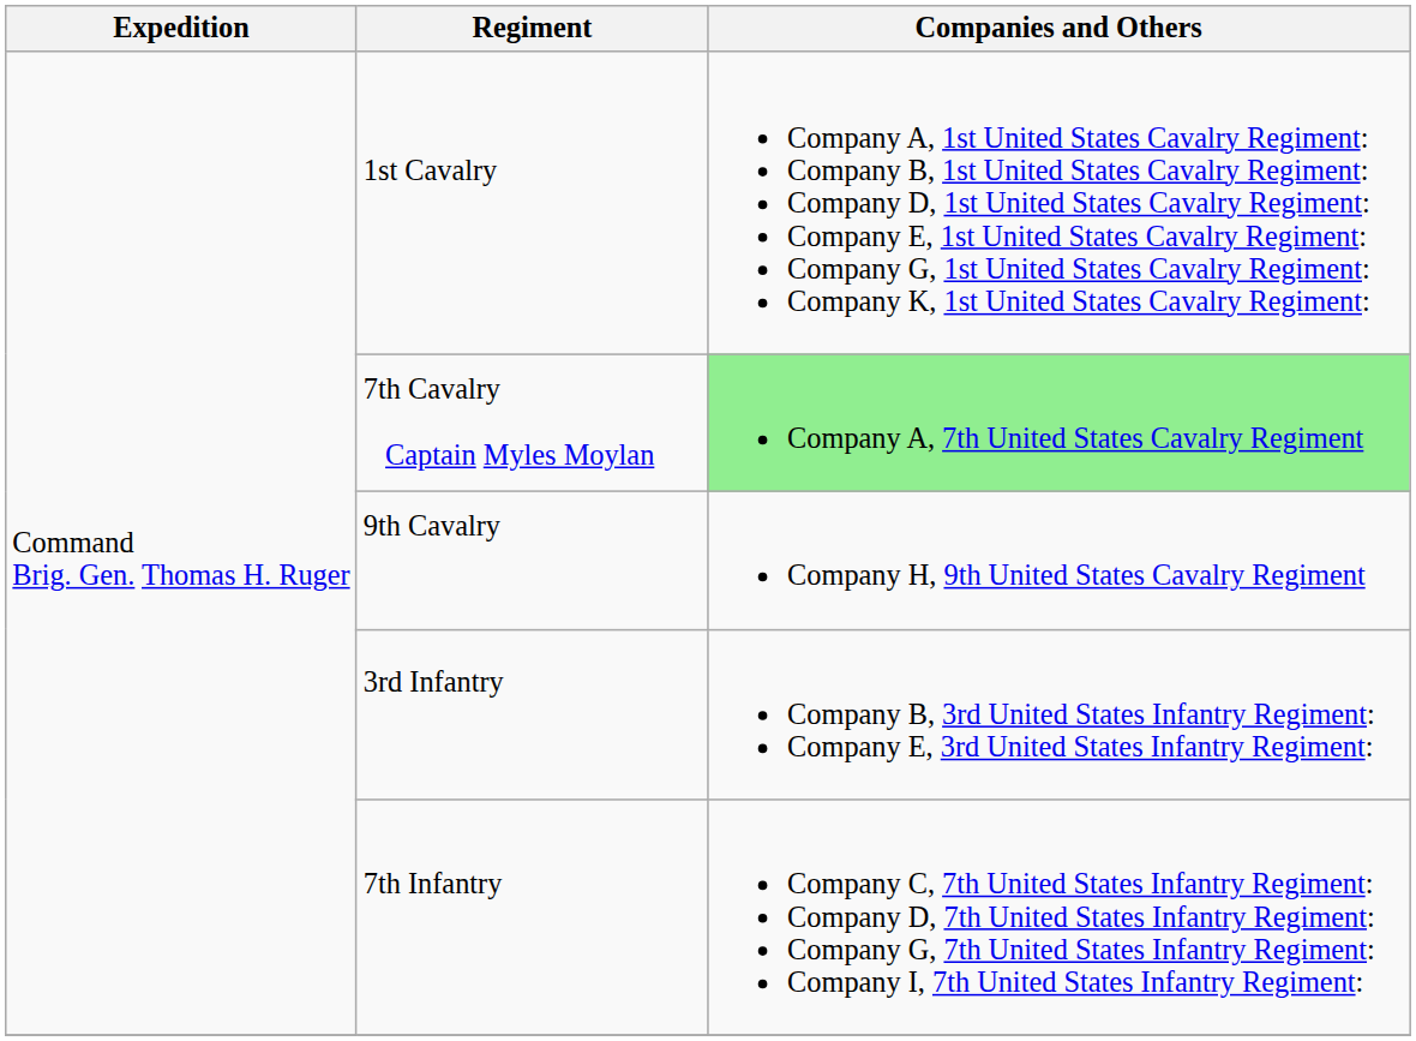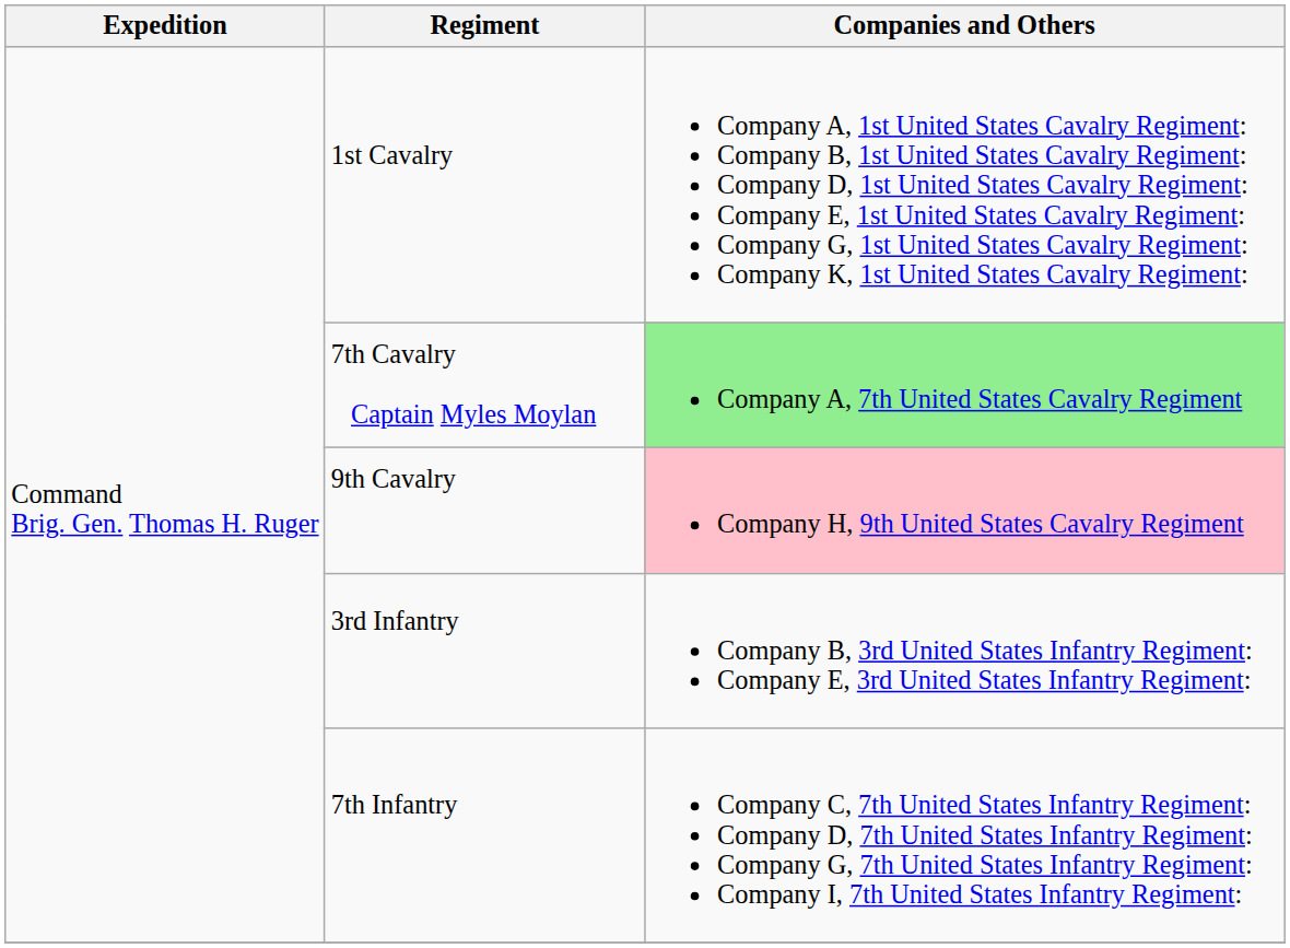 <table class="wikitable">
 <tr>
 <th width=25%>Expedition</th>
 <th width=25%>Regiment</th>
 <th>Companies and Others</th>
 </tr>
 <tr>
 <td rowspan=5><br>Command<br> <a href='#'>Brig. Gen.</a> <a href='#'>Thomas H. Ruger</a></td>
 <td>1st Cavalry<br><br>  </td>
 <td><br><ul><li>Company A, <a href='#'>1st United States Cavalry Regiment</a>:</li><li>Company B, <a href='#'>1st United States Cavalry Regiment</a>:</li><li>Company D, <a href='#'>1st United States Cavalry Regiment</a>:</li><li>Company E, <a href='#'>1st United States Cavalry Regiment</a>:</li><li>Company G, <a href='#'>1st United States Cavalry Regiment</a>:</li><li>Company K, <a href='#'>1st United States Cavalry Regiment</a>:</li></ul></td>
 </tr>
 <tr>
 <td>7th Cavalry<br><br>   <a href='#'>Captain</a> <a href='#'>Myles Moylan</a></td>
 <td style="background: lightgreen;"><br><ul><li>Company A, <a href='#'>7th United States Cavalry Regiment</a></li></ul></td>
 </tr>
 <tr>
 <td>9th Cavalry<br><br>  </td>
-<td><br><ul><li>Company H, <a href='#'>9th United States Cavalry Regiment</a></li></ul></td>
+<td style="background: pink;"><br><ul><li>Company H, <a href='#'>9th United States Cavalry Regiment</a></li></ul></td>
 </tr>
 <tr>
 <td>3rd Infantry<br><br>  </td>
 <td><br><ul><li>Company B, <a href='#'>3rd United States Infantry Regiment</a>:</li><li>Company E, <a href='#'>3rd United States Infantry Regiment</a>:</li></ul></td>
 </tr>
 <tr>
 <td>7th Infantry<br><br>  </td>
 <td><br><ul><li>Company C, <a href='#'>7th United States Infantry Regiment</a>:</li><li>Company D, <a href='#'>7th United States Infantry Regiment</a>:</li><li>Company G, <a href='#'>7th United States Infantry Regiment</a>:</li><li>Company I, <a href='#'>7th United States Infantry Regiment</a>:</li></ul></td>
 </tr>
 <tr>
 </tr>
 </table>
